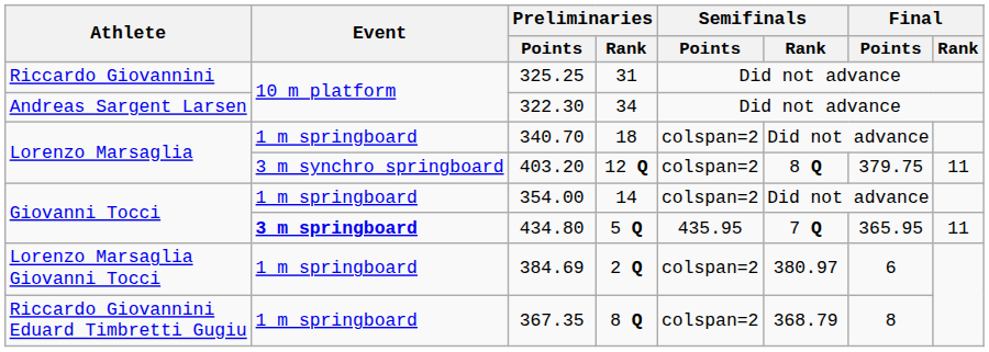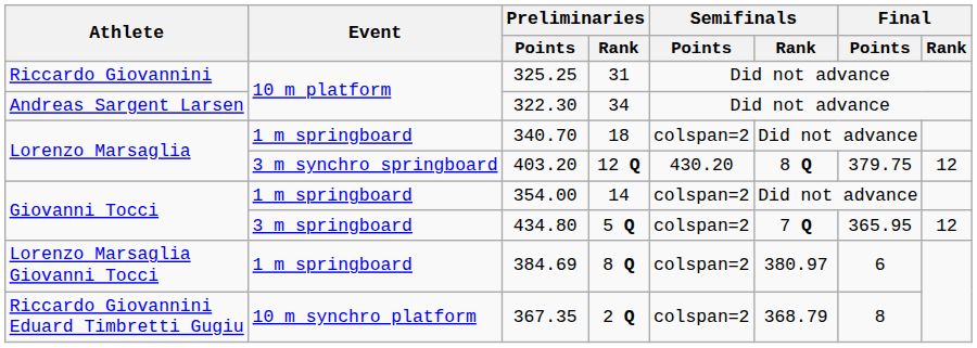 <table class="wikitable" style="text-align:center; font-size:90%">
 <tr>
 <th rowspan=2>Athlete</th>
 <th rowspan=2>Event</th>
 <th colspan=2>Preliminaries</th>
 <th colspan=2>Semifinals</th>
 <th colspan=2>Final</th>
 </tr>
 <tr style="font-size:95%">
 <th>Points</th>
 <th>Rank</th>
 <th>Points</th>
 <th>Rank</th>
 <th>Points</th>
 <th>Rank</th>
 </tr>
 <tr>
 <td align=left><a href='#'>Riccardo Giovannini</a></td>
 <td align=left rowspan=2><a href='#'>10 m platform</a></td>
 <td>325.25</td>
 <td>31</td>
 <td colspan=4>Did not advance</td>
 </tr>
 <tr>
 <td align=left><a href='#'>Andreas Sargent Larsen</a></td>
 <td>322.30</td>
 <td>34</td>
 <td colspan=4>Did not advance</td>
 </tr>
 <tr>
 <td align=left rowspan=2><a href='#'>Lorenzo Marsaglia</a></td>
 <td align=left><a href='#'>1 m springboard</a></td>
 <td>340.70</td>
 <td>18</td>
 <td>colspan=2 </td>
 <td colspan=2>Did not advance</td>
 </tr>
 <tr>
 <td align=left><a href='#'>3 m synchro springboard</a></td>
 <td>403.20</td>
 <td>12 <strong>Q</strong></td>
-<td>colspan=2 </td>
+<td>430.20</td>
 <td>8 <strong>Q</strong></td>
 <td>379.75</td>
-<td>11</td>
+<td>12</td>
 </tr>
 <tr>
 <td align=left rowspan=2><a href='#'>Giovanni Tocci</a></td>
 <td align=left><a href='#'>1 m springboard</a></td>
 <td>354.00</td>
 <td>14</td>
 <td>colspan=2 </td>
 <td colspan=2>Did not advance</td>
 </tr>
 <tr>
-<td align=left><strong><a href='#'>3 m springboard</a></strong></td>
+<td align=left><a href='#'>3 m springboard</a></td>
 <td>434.80</td>
 <td>5 <strong>Q</strong></td>
-<td>435.95</td>
+<td>colspan=2 </td>
 <td>7 <strong>Q</strong></td>
 <td>365.95</td>
-<td>11</td>
+<td>12</td>
 </tr>
 <tr>
 <td align=left><a href='#'>Lorenzo Marsaglia</a><br> <a href='#'>Giovanni Tocci</a></td>
 <td align=left><a href='#'>1 m springboard</a></td>
 <td>384.69</td>
-<td>2 <strong>Q</strong></td>
+<td>8 <strong>Q</strong></td>
 <td>colspan=2 </td>
 <td>380.97</td>
 <td>6</td>
 </tr>
 <tr>
 <td align=left><a href='#'>Riccardo Giovannini</a><br> <a href='#'>Eduard Timbretti Gugiu</a></td>
-<td align=left><a href='#'>1 m springboard</a></td>
+<td align=left><a href='#'>10 m synchro platform</a></td>
 <td>367.35</td>
-<td>8 <strong>Q</strong></td>
+<td>2 <strong>Q</strong></td>
 <td>colspan=2 </td>
 <td>368.79</td>
 <td>8</td>
 </tr>
 </table>
